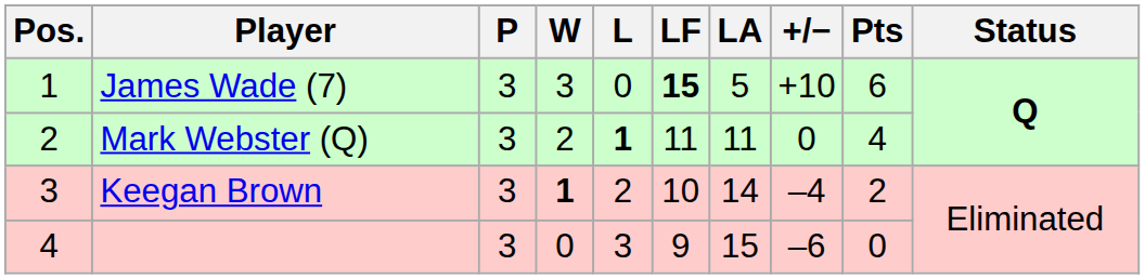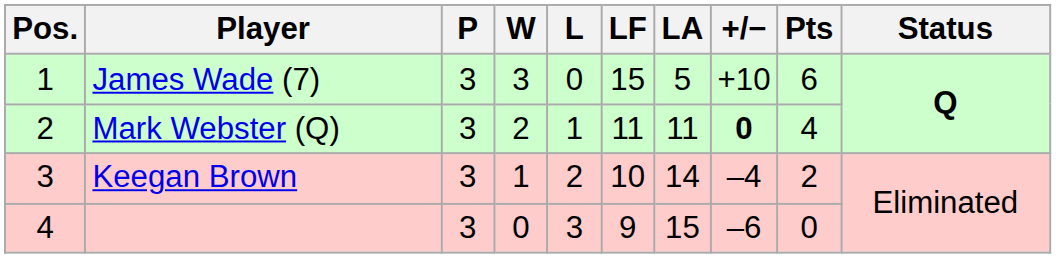 <table class="wikitable" style="text-align:center; margin: 1em auto 1em auto, align:left">
 <tr>
 <th width=20>Pos.</th>
 <th width=175>Player</th>
 <th width=20>P</th>
 <th width=20>W</th>
 <th width=20>L</th>
 <th width=20>LF</th>
 <th width=20>LA</th>
 <th width=25>+/−</th>
 <th width=20>Pts</th>
 <th width=100>Status</th>
 </tr>
 <tr style="background:#CCFFCC;">
 <td>1</td>
 <td style="text-align:left;"> <a href='#'>James Wade</a> (7)</td>
 <td>3</td>
 <td>3</td>
 <td>0</td>
-<td><strong>15</strong></td>
+<td>15</td>
 <td>5</td>
 <td>+10</td>
 <td>6</td>
 <td rowspan=2><strong>Q</strong></td>
 </tr>
 <tr style="background:#CCFFCC;">
 <td>2</td>
 <td style="text-align:left;"> <a href='#'>Mark Webster</a> (Q)</td>
 <td>3</td>
 <td>2</td>
-<td><strong>1</strong></td>
+<td>1</td>
 <td>11</td>
 <td>11</td>
-<td>0</td>
+<td><strong>0</strong></td>
 <td>4</td>
 </tr>
 <tr style="background:#FFCCCC;">
 <td>3</td>
 <td style="text-align:left;"> <a href='#'>Keegan Brown</a></td>
 <td>3</td>
-<td><strong>1</strong></td>
+<td>1</td>
 <td>2</td>
 <td>10</td>
 <td>14</td>
 <td>–4</td>
 <td>2</td>
 <td rowspan=2>Eliminated</td>
 </tr>
 <tr style="background:#FFCCCC;">
 <td>4</td>
 <td style="text-align:left;"></td>
 <td>3</td>
 <td>0</td>
 <td>3</td>
 <td>9</td>
 <td>15</td>
 <td>–6</td>
 <td>0</td>
 </tr>
 </table>
